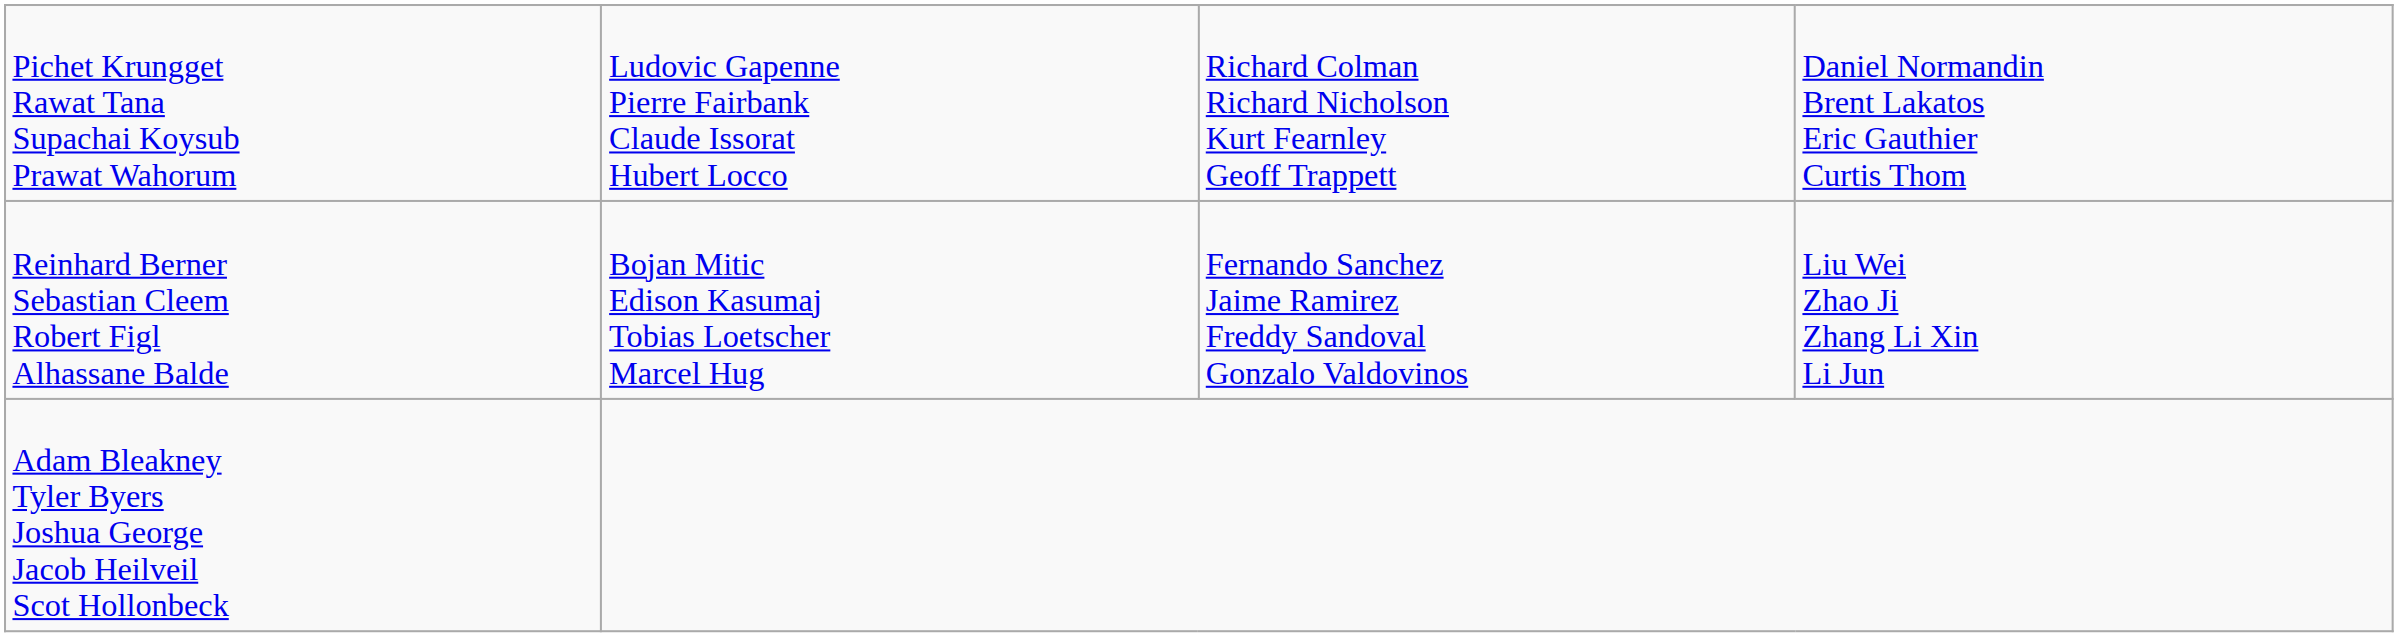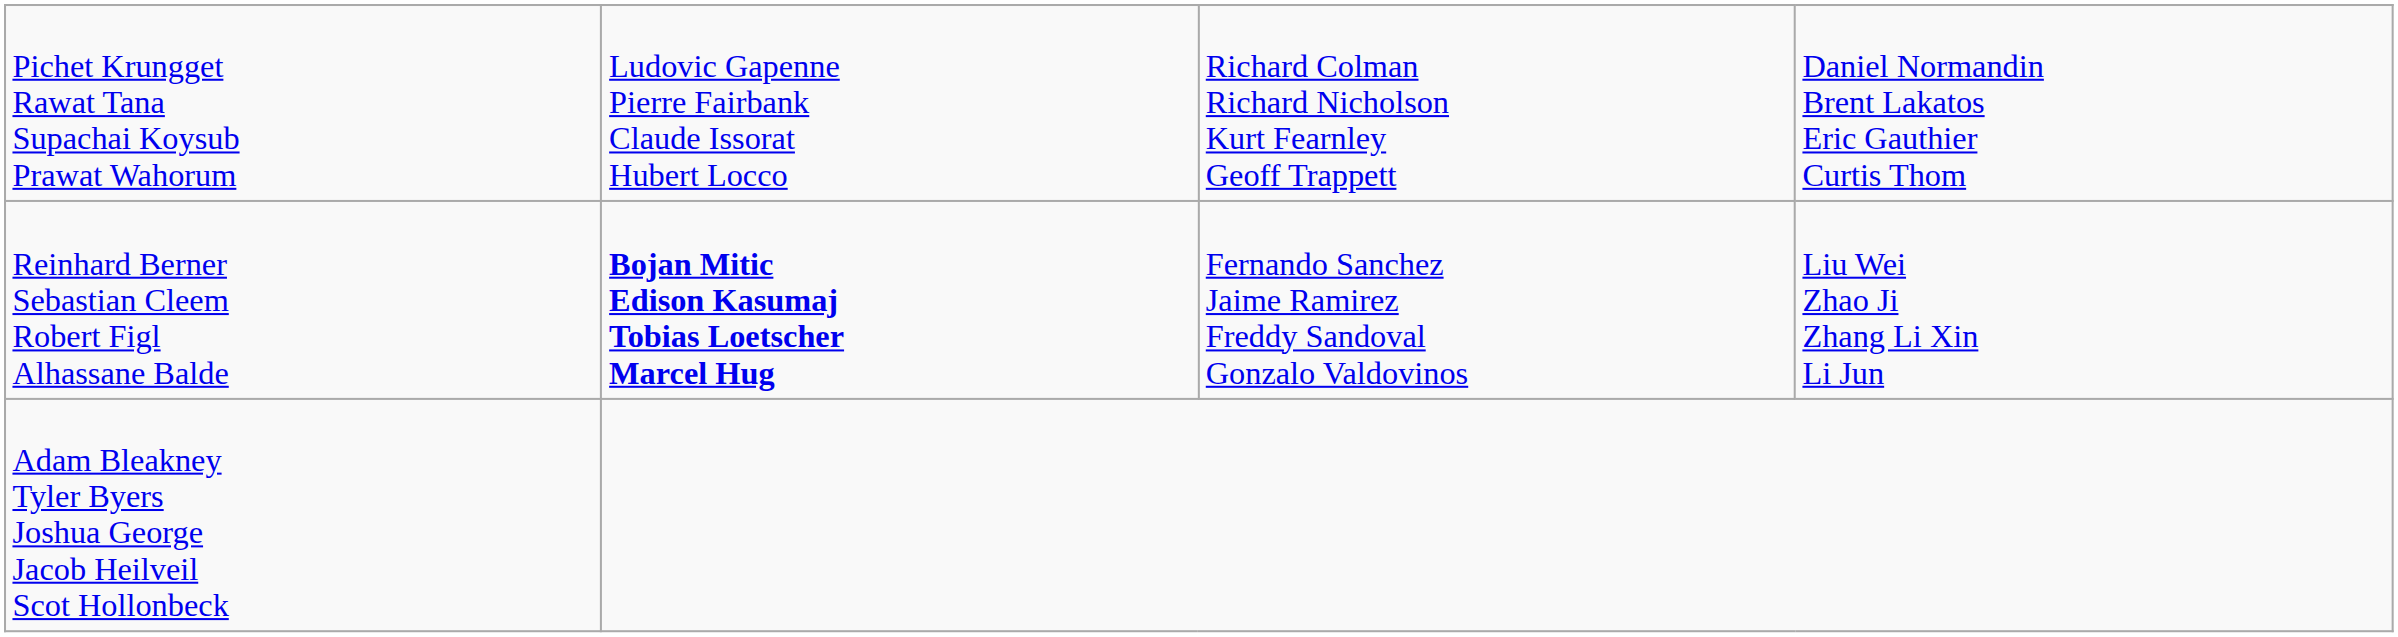 <table class="wikitable">
 <tr>
 <td style="vertical-align:top; width:18em"><br><a href='#'>Pichet Krungget</a><br><a href='#'>Rawat Tana</a><br><a href='#'>Supachai Koysub</a><br><a href='#'>Prawat Wahorum</a></td>
 <td style="vertical-align:top; width:18em"><br><a href='#'>Ludovic Gapenne</a><br><a href='#'>Pierre Fairbank</a><br><a href='#'>Claude Issorat</a><br><a href='#'>Hubert Locco</a></td>
 <td style="vertical-align:top; width:18em"><br><a href='#'>Richard Colman</a><br><a href='#'>Richard Nicholson</a><br><a href='#'>Kurt Fearnley</a><br><a href='#'>Geoff Trappett</a></td>
 <td style="vertical-align:top; width:18em"><br><a href='#'>Daniel Normandin</a><br><a href='#'>Brent Lakatos</a><br><a href='#'>Eric Gauthier</a><br><a href='#'>Curtis Thom</a></td>
 </tr>
 <tr>
 <td style="vertical-align:top; width:18em"><br><a href='#'>Reinhard Berner</a><br><a href='#'>Sebastian Cleem</a><br><a href='#'>Robert Figl</a><br><a href='#'>Alhassane Balde</a></td>
-<td style="vertical-align:top; width:18em"><br><a href='#'>Bojan Mitic</a><br><a href='#'>Edison Kasumaj</a><br><a href='#'>Tobias Loetscher</a><br><a href='#'>Marcel Hug</a></td>
+<td style="vertical-align:top; width:18em"><strong><br><a href='#'>Bojan Mitic</a><br><a href='#'>Edison Kasumaj</a><br><a href='#'>Tobias Loetscher</a><br><a href='#'>Marcel Hug</a></strong></td>
 <td style="vertical-align:top; width:18em"><br><a href='#'>Fernando Sanchez</a><br><a href='#'>Jaime Ramirez</a><br><a href='#'>Freddy Sandoval</a><br><a href='#'>Gonzalo Valdovinos</a></td>
 <td style="vertical-align:top; width:18em"><br><a href='#'>Liu Wei</a><br><a href='#'>Zhao Ji</a><br><a href='#'>Zhang Li Xin</a><br><a href='#'>Li Jun</a></td>
 </tr>
 <tr>
 <td style="vertical-align:top; width:18em"><br><a href='#'>Adam Bleakney</a><br><a href='#'>Tyler Byers</a><br><a href='#'>Joshua George</a><br><a href='#'>Jacob Heilveil</a><br><a href='#'>Scot Hollonbeck</a></td>
 </tr>
 </table>
